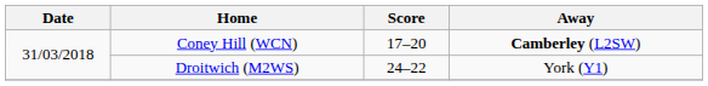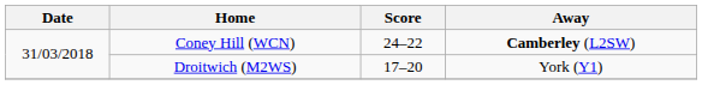 <table class="wikitable" style="text-align: center">
 <tr>
 <th width=100>Date</th>
 <th width=250>Home</th>
 <th width=80>Score</th>
 <th width=250>Away</th>
 </tr>
 <tr>
 <td rowspan=2>31/03/2018</td>
 <td><a href='#'>Coney Hill</a> (<a href='#'>WCN</a>)</td>
-<td>17–20</td>
+<td>24–22</td>
 <td><strong>Camberley</strong> (<a href='#'>L2SW</a>)</td>
 </tr>
 <tr>
 <td><a href='#'>Droitwich</a> (<a href='#'>M2WS</a>)</td>
-<td>24–22</td>
+<td>17–20</td>
 <td>York (<a href='#'>Y1</a>)</td>
 </tr>
 <tr>
 </tr>
 </table>
